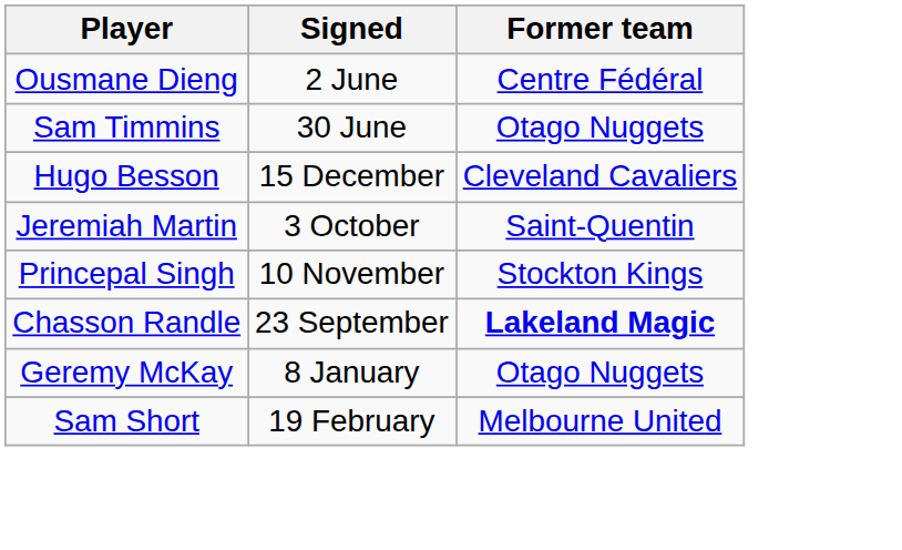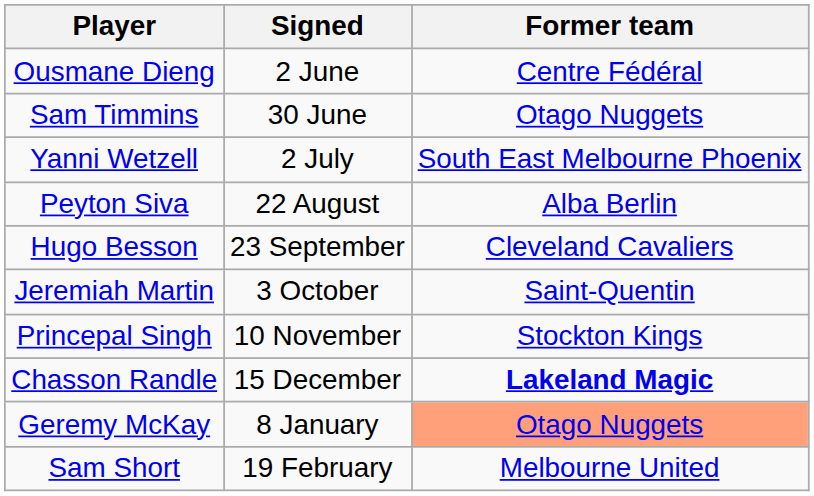 <table class="wikitable sortable sortable" style="text-align: center">
 <tr>
 <th>Player</th>
 <th>Signed</th>
 <th>Former team</th>
 </tr>
 <tr>
 <td><a href='#'>Ousmane Dieng</a></td>
 <td>2 June</td>
 <td><a href='#'>Centre Fédéral</a></td>
 </tr>
 <tr>
 <td><a href='#'>Sam Timmins</a></td>
 <td>30 June</td>
 <td><a href='#'>Otago Nuggets</a></td>
 </tr>
 <tr>
+<td><a href='#'>Yanni Wetzell</a></td>
+<td>2 July</td>
+<td><a href='#'>South East Melbourne Phoenix</a></td>
+</tr>
+<tr>
+<td><a href='#'>Peyton Siva</a></td>
+<td>22 August</td>
+<td><a href='#'>Alba Berlin</a></td>
+</tr>
+<tr>
 <td><a href='#'>Hugo Besson</a></td>
-<td>15 December</td>
+<td>23 September</td>
 <td><a href='#'>Cleveland Cavaliers</a></td>
 </tr>
 <tr>
 <td><a href='#'>Jeremiah Martin</a></td>
 <td>3 October</td>
 <td><a href='#'>Saint-Quentin</a></td>
 </tr>
 <tr>
 <td><a href='#'>Princepal Singh</a></td>
 <td>10 November</td>
 <td><a href='#'>Stockton Kings</a></td>
 </tr>
 <tr>
 <td><a href='#'>Chasson Randle</a></td>
-<td>23 September</td>
+<td>15 December</td>
 <td><strong><a href='#'>Lakeland Magic</a></strong></td>
 </tr>
 <tr>
 <td><a href='#'>Geremy McKay</a></td>
 <td>8 January</td>
-<td><a href='#'>Otago Nuggets</a></td>
+<td style="background: lightsalmon;"><a href='#'>Otago Nuggets</a></td>
 </tr>
 <tr>
 <td><a href='#'>Sam Short</a></td>
 <td>19 February</td>
 <td><a href='#'>Melbourne United</a></td>
 </tr>
 </table>
